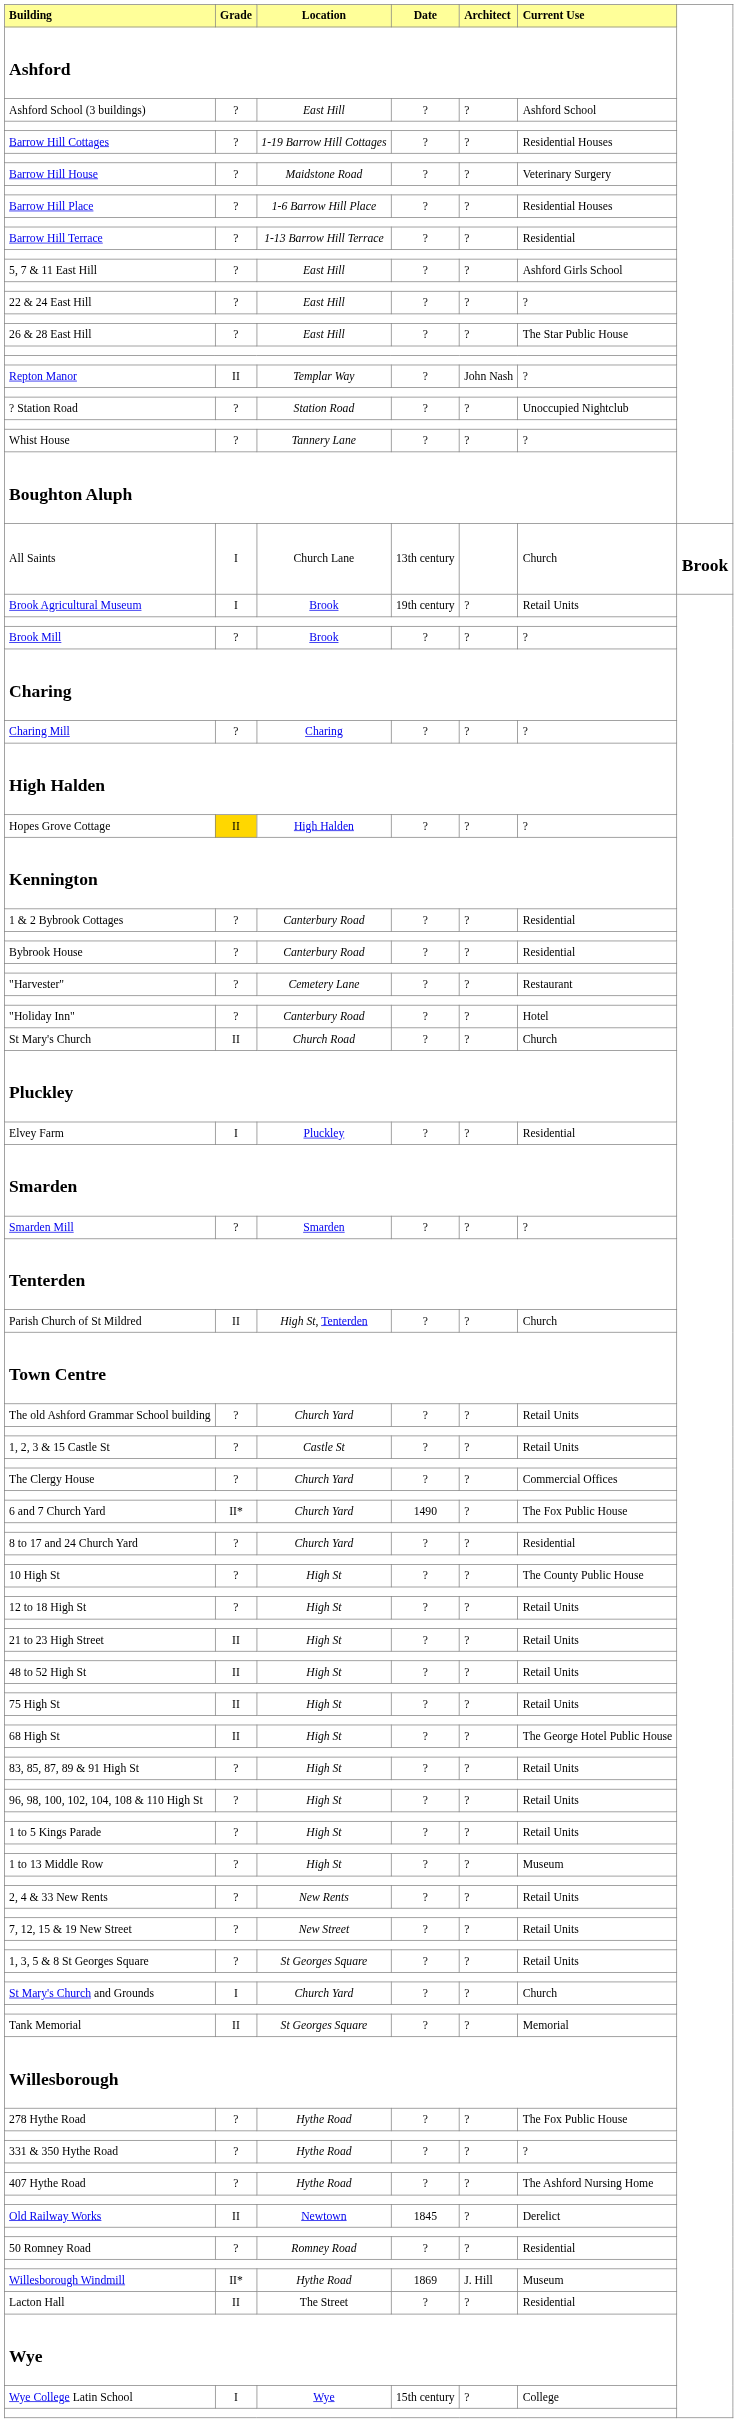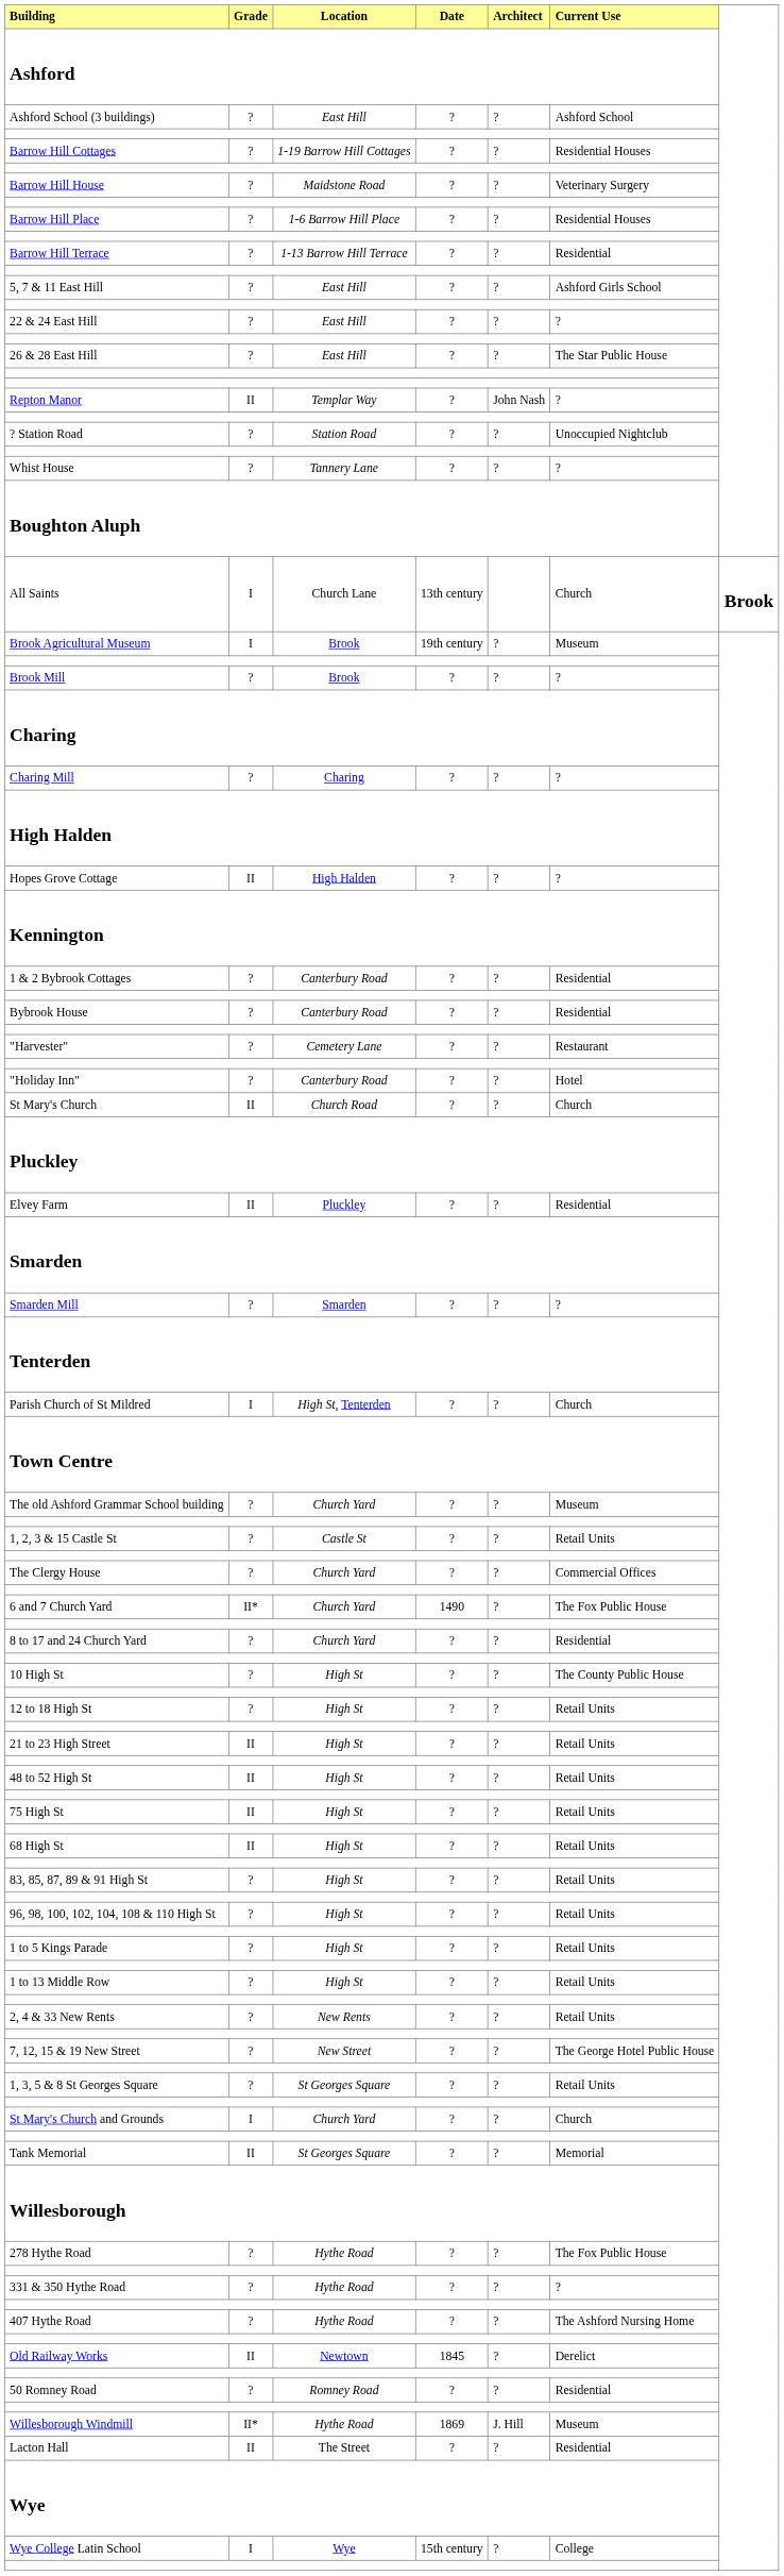 <table border=1 style="border-collapse: collapse;" cellpadding=6>
 <tr bgcolor=ffff99>
 <th align=left>Building</th>
 <th align=center>Grade</th>
 <th align=center>Location</th>
 <th align=center>Date</th>
 <th align=left>Architect</th>
 <th align=left>Current Use</th>
 </tr>
 <tr>
 <td colspan=6><br><h2>Ashford</h2></td>
 </tr>
 <tr>
 <td>Ashford School (3 buildings)</td>
 <td align=center>?</td>
 <td align=center><em>East Hill</em></td>
 <td align=center>?</td>
 <td>?</td>
 <td>Ashford School</td>
 </tr>
 <tr>
 <td colspan=6></td>
 </tr>
 <tr>
 <td><a href='#'>Barrow Hill Cottages</a></td>
 <td align=center>?</td>
 <td align=center><em>1-19 Barrow Hill Cottages</em></td>
 <td align=center>?</td>
 <td>?</td>
 <td>Residential Houses</td>
 </tr>
 <tr>
 <td colspan=6></td>
 </tr>
 <tr>
 <td><a href='#'>Barrow Hill House</a></td>
 <td align=center>?</td>
 <td align=center><em>Maidstone Road</em></td>
 <td align=center>?</td>
 <td>?</td>
 <td>Veterinary Surgery</td>
 </tr>
 <tr>
 <td colspan=6></td>
 </tr>
 <tr>
 <td><a href='#'>Barrow Hill Place</a></td>
 <td align=center>?</td>
 <td align=center><em>1-6 Barrow Hill Place</em></td>
 <td align=center>?</td>
 <td>?</td>
 <td>Residential Houses</td>
 </tr>
 <tr>
 <td colspan=6></td>
 </tr>
 <tr>
 <td><a href='#'>Barrow Hill Terrace</a></td>
 <td align=center>?</td>
 <td align=center><em>1-13 Barrow Hill Terrace</em></td>
 <td align=center>?</td>
 <td>?</td>
 <td>Residential</td>
 </tr>
 <tr>
 <td colspan=6></td>
 </tr>
 <tr>
 <td>5, 7 & 11 East Hill</td>
 <td align=center>?</td>
 <td align=center><em>East Hill</em></td>
 <td align=center>?</td>
 <td>?</td>
 <td>Ashford Girls School</td>
 </tr>
 <tr>
 <td colspan=6></td>
 </tr>
 <tr>
 <td>22 & 24 East Hill</td>
 <td align=center>?</td>
 <td align=center><em>East Hill</em></td>
 <td align=center>?</td>
 <td>?</td>
 <td>?</td>
 </tr>
 <tr>
 <td colspan=6></td>
 </tr>
 <tr>
 <td>26 & 28 East Hill</td>
 <td align=center>?</td>
 <td align=center><em>East Hill</em></td>
 <td align=center>?</td>
 <td>?</td>
 <td>The Star Public House</td>
 </tr>
 <tr>
 <td colspan=6></td>
 </tr>
 <tr>
 <td colspan=6></td>
 </tr>
 <tr>
 <td><a href='#'>Repton Manor</a></td>
 <td align=center>II</td>
 <td align=center><em>Templar Way</em></td>
 <td align=center>?</td>
 <td>John Nash</td>
 <td>?</td>
 </tr>
 <tr>
 <td colspan=6></td>
 </tr>
 <tr>
 <td>? Station Road</td>
 <td align=center>?</td>
 <td align=center><em>Station Road</em></td>
 <td align=center>?</td>
 <td>?</td>
 <td>Unoccupied Nightclub</td>
 </tr>
 <tr>
 <td colspan=6></td>
 </tr>
 <tr>
 <td>Whist House</td>
 <td align=center>?</td>
 <td align=center><em>Tannery Lane</em></td>
 <td align=center>?</td>
 <td>?</td>
 <td>?</td>
 </tr>
 <tr>
 <td colspan=6><br><h2>Boughton Aluph</h2></td>
 </tr>
 <tr>
 <td>All Saints</td>
 <td align=center>I</td>
 <td align=center>Church Lane</td>
 <td align=center>13th century</td>
 <td></td>
 <td>Church</td>
 <td colspan=6><br><h2>Brook</h2></td>
 </tr>
 <tr>
 <td><a href='#'>Brook Agricultural Museum</a></td>
 <td align=center>I</td>
 <td align=center><a href='#'>Brook</a></td>
 <td align=center>19th century</td>
 <td>?</td>
-<td>Retail Units</td>
+<td>Museum</td>
 </tr>
 <tr>
 <td colspan=6></td>
 </tr>
 <tr>
 <td><a href='#'>Brook Mill</a></td>
 <td align=center>?</td>
 <td align=center><a href='#'>Brook</a></td>
 <td align=center>?</td>
 <td>?</td>
 <td>?</td>
 </tr>
 <tr>
 <td colspan=6><br><h2>Charing</h2></td>
 </tr>
 <tr>
 <td><a href='#'>Charing Mill</a></td>
 <td align=center>?</td>
 <td align=center><a href='#'>Charing</a></td>
 <td align=center>?</td>
 <td>?</td>
 <td>?</td>
 </tr>
 <tr>
 <td colspan=6><br><h2>High Halden</h2></td>
 </tr>
 <tr>
 <td>Hopes Grove Cottage</td>
-<td align=center style="background: gold;">II</td>
+<td align=center>II</td>
 <td align=center><a href='#'>High Halden</a></td>
 <td align=center>?</td>
 <td>?</td>
 <td>?</td>
 </tr>
 <tr>
 <td colspan=6><br><h2>Kennington</h2></td>
 </tr>
 <tr>
 <td>1 & 2 Bybrook Cottages</td>
 <td align=center>?</td>
 <td align=center><em>Canterbury Road</em></td>
 <td align=center>?</td>
 <td>?</td>
 <td>Residential</td>
 </tr>
 <tr>
 <td colspan=6></td>
 </tr>
 <tr>
 <td>Bybrook House</td>
 <td align=center>?</td>
 <td align=center><em>Canterbury Road</em></td>
 <td align=center>?</td>
 <td>?</td>
 <td>Residential</td>
 </tr>
 <tr>
 <td colspan=6></td>
 </tr>
 <tr>
 <td>"Harvester"</td>
 <td align=center>?</td>
 <td align=center><em>Cemetery Lane</em></td>
 <td align=center>?</td>
 <td>?</td>
 <td>Restaurant</td>
 </tr>
 <tr>
 <td colspan=6></td>
 </tr>
 <tr>
 <td>"Holiday Inn"</td>
 <td align=center>?</td>
 <td align=center><em>Canterbury Road</em></td>
 <td align=center>?</td>
 <td>?</td>
 <td>Hotel</td>
 </tr>
 <tr>
 <td>St Mary's Church</td>
 <td align=center>II</td>
 <td align=center><em>Church Road</em></td>
 <td align=center>?</td>
 <td>?</td>
 <td>Church</td>
 </tr>
 <tr>
 <td colspan=6><br><h2>Pluckley</h2></td>
 </tr>
 <tr>
 <td>Elvey Farm</td>
-<td align=center>I</td>
+<td align=center>II</td>
 <td align=center><a href='#'>Pluckley</a></td>
 <td align=center>?</td>
 <td>?</td>
 <td>Residential</td>
 </tr>
 <tr>
 <td colspan=6><br><h2>Smarden</h2></td>
 </tr>
 <tr>
 <td><a href='#'>Smarden Mill</a></td>
 <td align=center>?</td>
 <td align=center><a href='#'>Smarden</a></td>
 <td align=center>?</td>
 <td>?</td>
 <td>?</td>
 </tr>
 <tr>
 <td colspan=6><br><h2>Tenterden</h2></td>
 </tr>
 <tr>
 <td>Parish Church of St Mildred</td>
-<td align=center>II</td>
+<td align=center>I</td>
 <td align=center><em>High St</em>, <a href='#'>Tenterden</a></td>
 <td align=center>?</td>
 <td>?</td>
 <td>Church</td>
 </tr>
 <tr>
 <td colspan=6><br><h2>Town Centre</h2></td>
 </tr>
 <tr>
 <td>The old Ashford Grammar School building</td>
 <td align=center>?</td>
 <td align=center><em>Church Yard</em></td>
 <td align=center>?</td>
 <td>?</td>
-<td>Retail Units</td>
+<td>Museum</td>
 </tr>
 <tr>
 <td colspan=6></td>
 </tr>
 <tr>
 <td>1, 2, 3 & 15 Castle St</td>
 <td align=center>?</td>
 <td align=center><em>Castle St</em></td>
 <td align=center>?</td>
 <td>?</td>
 <td>Retail Units</td>
 </tr>
 <tr>
 <td colspan=6></td>
 </tr>
 <tr>
 <td>The Clergy House</td>
 <td align=center>?</td>
 <td align=center><em>Church Yard</em></td>
 <td align=center>?</td>
 <td>?</td>
 <td>Commercial Offices</td>
 </tr>
 <tr>
 <td colspan=6></td>
 </tr>
 <tr>
 <td>6 and 7 Church Yard</td>
 <td align=center>II*</td>
 <td align=center><em>Church Yard</em></td>
 <td align=center>1490</td>
 <td>?</td>
 <td>The Fox Public House</td>
 </tr>
 <tr>
 <td colspan=6></td>
 </tr>
 <tr>
 <td>8 to 17 and 24 Church Yard</td>
 <td align=center>?</td>
 <td align=center><em>Church Yard</em></td>
 <td align=center>?</td>
 <td>?</td>
 <td>Residential</td>
 </tr>
 <tr>
 <td colspan=6></td>
 </tr>
 <tr>
 <td>10 High St</td>
 <td align=center>?</td>
 <td align=center><em>High St</em></td>
 <td align=center>?</td>
 <td>?</td>
 <td>The County Public House</td>
 </tr>
 <tr>
 <td colspan=6></td>
 </tr>
 <tr>
 <td>12 to 18 High St</td>
 <td align=center>?</td>
 <td align=center><em>High St</em></td>
 <td align=center>?</td>
 <td>?</td>
 <td>Retail Units</td>
 </tr>
 <tr>
 <td colspan=6></td>
 </tr>
 <tr>
 <td>21 to 23 High Street</td>
 <td align=center>II</td>
 <td align=center><em>High St</em></td>
 <td align=center>?</td>
 <td>?</td>
 <td>Retail Units</td>
 </tr>
 <tr>
 <td colspan=6></td>
 </tr>
 <tr>
 <td>48 to 52 High St</td>
 <td align=center>II</td>
 <td align=center><em>High St</em></td>
 <td align=center>?</td>
 <td>?</td>
 <td>Retail Units</td>
 </tr>
 <tr>
 <td colspan=6></td>
 </tr>
 <tr>
 <td>75 High St</td>
 <td align=center>II</td>
 <td align=center><em>High St</em></td>
 <td align=center>?</td>
 <td>?</td>
 <td>Retail Units</td>
 </tr>
 <tr>
 <td colspan=6></td>
 </tr>
 <tr>
 <td>68 High St</td>
 <td align=center>II</td>
 <td align=center><em>High St</em></td>
 <td align=center>?</td>
 <td>?</td>
-<td>The George Hotel Public House</td>
+<td>Retail Units</td>
 </tr>
 <tr>
 <td colspan=6></td>
 </tr>
 <tr>
 <td>83, 85, 87, 89 & 91 High St</td>
 <td align=center>?</td>
 <td align=center><em>High St</em></td>
 <td align=center>?</td>
 <td>?</td>
 <td>Retail Units</td>
 </tr>
 <tr>
 <td colspan=6></td>
 </tr>
 <tr>
 <td>96, 98, 100, 102, 104, 108 & 110 High St</td>
 <td align=center>?</td>
 <td align=center><em>High St</em></td>
 <td align=center>?</td>
 <td>?</td>
 <td>Retail Units</td>
 </tr>
 <tr>
 <td colspan=6></td>
 </tr>
 <tr>
 <td>1 to 5 Kings Parade</td>
 <td align=center>?</td>
 <td align=center><em>High St</em></td>
 <td align=center>?</td>
 <td>?</td>
 <td>Retail Units</td>
 </tr>
 <tr>
 <td colspan=6></td>
 </tr>
 <tr>
 <td>1 to 13 Middle Row</td>
 <td align=center>?</td>
 <td align=center><em>High St</em></td>
 <td align=center>?</td>
 <td>?</td>
-<td>Museum</td>
+<td>Retail Units</td>
 </tr>
 <tr>
 <td colspan=6></td>
 </tr>
 <tr>
 <td>2, 4 & 33 New Rents</td>
 <td align=center>?</td>
 <td align=center><em>New Rents</em></td>
 <td align=center>?</td>
 <td>?</td>
 <td>Retail Units</td>
 </tr>
 <tr>
 <td colspan=6></td>
 </tr>
 <tr>
 <td>7, 12, 15 & 19 New Street</td>
 <td align=center>?</td>
 <td align=center><em>New Street</em></td>
 <td align=center>?</td>
 <td>?</td>
-<td>Retail Units</td>
+<td>The George Hotel Public House</td>
 </tr>
 <tr>
 <td colspan=6></td>
 </tr>
 <tr>
 <td>1, 3, 5 & 8 St Georges Square</td>
 <td align=center>?</td>
 <td align=center><em>St Georges Square</em></td>
 <td align=center>?</td>
 <td>?</td>
 <td>Retail Units</td>
 </tr>
 <tr>
 <td colspan=6></td>
 </tr>
 <tr>
 <td><a href='#'>St Mary's Church</a> and Grounds</td>
 <td align=center>I</td>
 <td align=center><em>Church Yard</em></td>
 <td align=center>?</td>
 <td>?</td>
 <td>Church</td>
 </tr>
 <tr>
 <td colspan=6></td>
 </tr>
 <tr>
 <td>Tank Memorial</td>
 <td align=center>II</td>
 <td align=center><em>St Georges Square</em></td>
 <td align=center>?</td>
 <td>?</td>
 <td>Memorial</td>
 </tr>
 <tr>
 <td colspan=6><br><h2>Willesborough</h2></td>
 </tr>
 <tr>
 <td>278 Hythe Road</td>
 <td align=center>?</td>
 <td align=center><em>Hythe Road</em></td>
 <td align=center>?</td>
 <td>?</td>
 <td>The Fox Public House</td>
 </tr>
 <tr>
 <td colspan=6></td>
 </tr>
 <tr>
 <td>331 & 350 Hythe Road</td>
 <td align=center>?</td>
 <td align=center><em>Hythe Road</em></td>
 <td align=center>?</td>
 <td>?</td>
 <td>?</td>
 </tr>
 <tr>
 <td colspan=6></td>
 </tr>
 <tr>
 <td>407 Hythe Road</td>
 <td align=center>?</td>
 <td align=center><em>Hythe Road</em></td>
 <td align=center>?</td>
 <td>?</td>
 <td>The Ashford Nursing Home</td>
 </tr>
 <tr>
 <td colspan=6></td>
 </tr>
 <tr>
 <td><a href='#'>Old Railway Works</a></td>
 <td align=center>II</td>
 <td align=center><a href='#'>Newtown</a></td>
 <td align=center>1845</td>
 <td>?</td>
 <td>Derelict</td>
 </tr>
 <tr>
 <td colspan=6></td>
 </tr>
 <tr>
 <td>50 Romney Road</td>
 <td align=center>?</td>
 <td align=center><em>Romney Road</em></td>
 <td align=center>?</td>
 <td>?</td>
 <td>Residential</td>
 </tr>
 <tr>
 <td colspan=6></td>
 </tr>
 <tr>
 <td><a href='#'>Willesborough Windmill</a></td>
 <td align=center>II*</td>
 <td align=center><em>Hythe Road</em></td>
 <td align=center>1869</td>
 <td>J. Hill</td>
 <td>Museum</td>
 </tr>
 <tr>
 <td>Lacton Hall</td>
 <td align=center>II</td>
 <td align=center>The Street</td>
 <td align=center>?</td>
 <td>?</td>
 <td>Residential</td>
 </tr>
 <tr>
 <td colspan=6><br><h2>Wye</h2></td>
 </tr>
 <tr>
 <td><a href='#'>Wye College</a> Latin School</td>
 <td align=center>I</td>
 <td align=center><a href='#'>Wye</a></td>
 <td align=center>15th century</td>
 <td>?</td>
 <td>College</td>
 </tr>
 <tr>
 <td colspan=6></td>
 </tr>
 </table>
